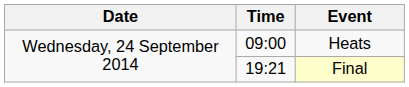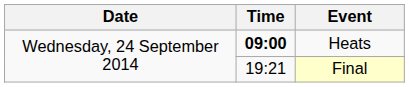 <table class = "wikitable" style="text-align:center;">
 <tr>
 <th width=220>Date</th>
 <th width=50>Time</th>
 <th width=100>Event</th>
 </tr>
 <tr>
 <td rowspan=2>Wednesday, 24 September 2014</td>
-<td>09:00</td>
+<td><strong>09:00</strong></td>
 <td>Heats</td>
 </tr>
 <tr>
 <td>19:21</td>
 <td bgcolor=ffffcc>Final</td>
 </tr>
 </table>
